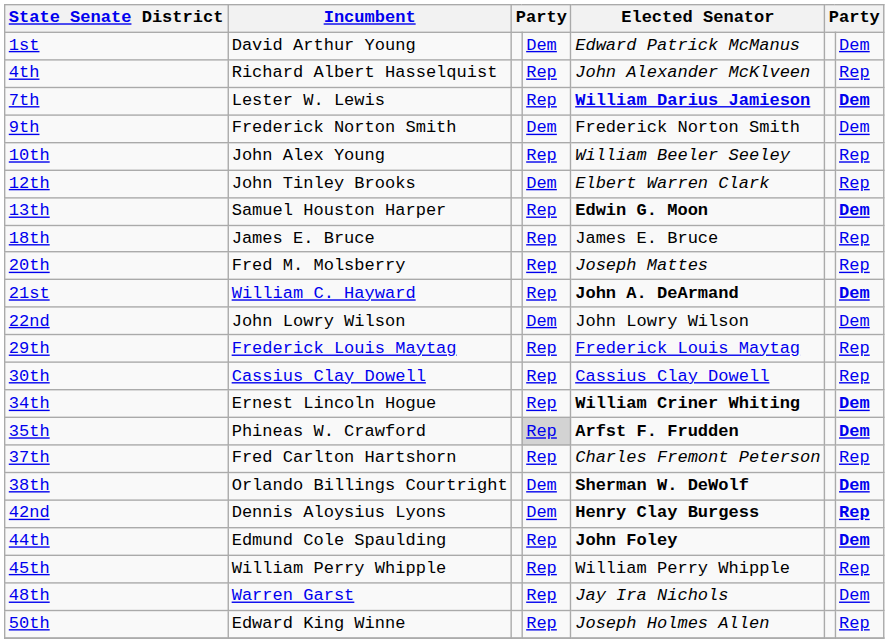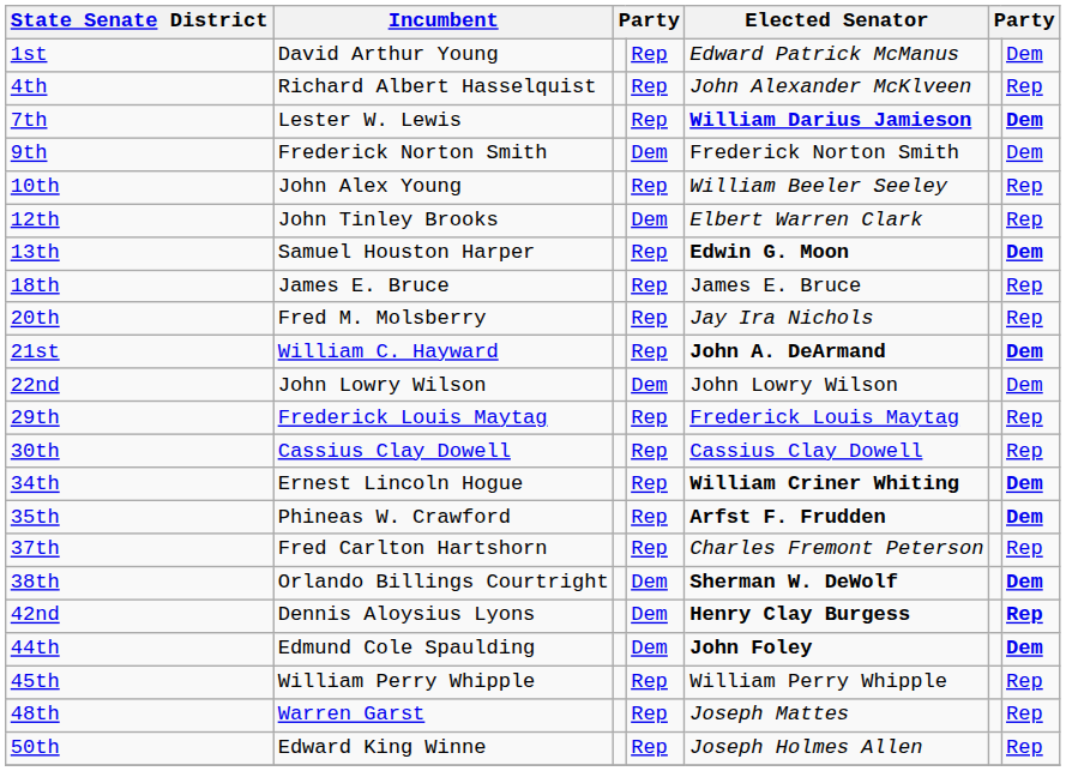 <table class="sortable wikitable" style="font-size:95%;line-height:14px;">
 <tr>
 <th class="sortable"><a href='#'>State Senate</a> District</th>
 <th class="sortable"><a href='#'>Incumbent</a></th>
 <th colspan="2">Party</th>
 <th class="sortable">Elected Senator</th>
 <th colspan="2">Party</th>
 </tr>
 <tr>
 <td><a href='#'>1st</a></td>
 <td>David Arthur Young</td>
 <td style="background:"></td>
-<td><a href='#'>Dem</a></td>
+<td><a href='#'>Rep</a></td>
 <td><em>Edward Patrick McManus</em></td>
 <td style="background:"></td>
 <td><a href='#'>Dem</a></td>
 </tr>
 <tr>
 <td><a href='#'>4th</a></td>
 <td>Richard Albert Hasselquist</td>
 <td style="background:"></td>
 <td><a href='#'>Rep</a></td>
 <td><em>John Alexander McKlveen</em></td>
 <td style="background:"></td>
 <td><a href='#'>Rep</a></td>
 </tr>
 <tr>
 <td><a href='#'>7th</a></td>
 <td>Lester W. Lewis</td>
 <td style="background:"></td>
 <td><a href='#'>Rep</a></td>
 <td><strong><a href='#'>William Darius Jamieson</a></strong></td>
 <td style="background:"></td>
 <td><strong><a href='#'>Dem</a></strong></td>
 </tr>
 <tr>
 <td><a href='#'>9th</a></td>
 <td>Frederick Norton Smith</td>
 <td style="background:"></td>
 <td><a href='#'>Dem</a></td>
 <td>Frederick Norton Smith</td>
 <td style="background:"></td>
 <td><a href='#'>Dem</a></td>
 </tr>
 <tr>
 <td><a href='#'>10th</a></td>
 <td>John Alex Young</td>
 <td style="background:"></td>
 <td><a href='#'>Rep</a></td>
 <td><em>William Beeler Seeley</em></td>
 <td style="background:"></td>
 <td><a href='#'>Rep</a></td>
 </tr>
 <tr>
 <td><a href='#'>12th</a></td>
 <td>John Tinley Brooks</td>
 <td style="background:"></td>
 <td><a href='#'>Dem</a></td>
 <td><em>Elbert Warren Clark</em></td>
 <td style="background:"></td>
 <td><a href='#'>Rep</a></td>
 </tr>
 <tr>
 <td><a href='#'>13th</a></td>
 <td>Samuel Houston Harper</td>
 <td style="background:"></td>
 <td><a href='#'>Rep</a></td>
 <td><strong>Edwin G. Moon</strong></td>
 <td style="background:"></td>
 <td><strong><a href='#'>Dem</a></strong></td>
 </tr>
 <tr>
 <td><a href='#'>18th</a></td>
 <td>James E. Bruce</td>
 <td style="background:"></td>
 <td><a href='#'>Rep</a></td>
 <td>James E. Bruce</td>
 <td style="background:"></td>
 <td><a href='#'>Rep</a></td>
 </tr>
 <tr>
 <td><a href='#'>20th</a></td>
 <td>Fred M. Molsberry</td>
 <td style="background:"></td>
 <td><a href='#'>Rep</a></td>
-<td><em>Joseph Mattes</em></td>
+<td><em>Jay Ira Nichols</em></td>
 <td style="background:"></td>
 <td><a href='#'>Rep</a></td>
 </tr>
 <tr>
 <td><a href='#'>21st</a></td>
 <td><a href='#'>William C. Hayward</a></td>
 <td style="background:"></td>
 <td><a href='#'>Rep</a></td>
 <td><strong>John A. DeArmand</strong></td>
 <td style="background:"></td>
 <td><strong><a href='#'>Dem</a></strong></td>
 </tr>
 <tr>
 <td><a href='#'>22nd</a></td>
 <td>John Lowry Wilson</td>
 <td style="background:"></td>
 <td><a href='#'>Dem</a></td>
 <td>John Lowry Wilson</td>
 <td style="background:"></td>
 <td><a href='#'>Dem</a></td>
 </tr>
 <tr>
 <td><a href='#'>29th</a></td>
 <td><a href='#'>Frederick Louis Maytag</a></td>
 <td style="background:"></td>
 <td><a href='#'>Rep</a></td>
 <td><a href='#'>Frederick Louis Maytag</a></td>
 <td style="background:"></td>
 <td><a href='#'>Rep</a></td>
 </tr>
 <tr>
 <td><a href='#'>30th</a></td>
 <td><a href='#'>Cassius Clay Dowell</a></td>
 <td style="background:"></td>
 <td><a href='#'>Rep</a></td>
 <td><a href='#'>Cassius Clay Dowell</a></td>
 <td style="background:"></td>
 <td><a href='#'>Rep</a></td>
 </tr>
 <tr>
 <td><a href='#'>34th</a></td>
 <td>Ernest Lincoln Hogue</td>
 <td style="background:"></td>
 <td><a href='#'>Rep</a></td>
 <td><strong>William Criner Whiting</strong></td>
 <td style="background:"></td>
 <td><strong><a href='#'>Dem</a></strong></td>
 </tr>
 <tr>
 <td><a href='#'>35th</a></td>
 <td>Phineas W. Crawford</td>
 <td style="background:"></td>
-<td style="background: lightgrey;"><a href='#'>Rep</a></td>
+<td><a href='#'>Rep</a></td>
 <td><strong>Arfst F. Frudden</strong></td>
 <td style="background:"></td>
 <td><strong><a href='#'>Dem</a></strong></td>
 </tr>
 <tr>
 <td><a href='#'>37th</a></td>
 <td>Fred Carlton Hartshorn</td>
 <td style="background:"></td>
 <td><a href='#'>Rep</a></td>
 <td><em>Charles Fremont Peterson</em></td>
 <td style="background:"></td>
 <td><a href='#'>Rep</a></td>
 </tr>
 <tr>
 <td><a href='#'>38th</a></td>
 <td>Orlando Billings Courtright</td>
 <td style="background:"></td>
 <td><a href='#'>Dem</a></td>
 <td><strong>Sherman W. DeWolf</strong></td>
 <td style="background:"></td>
 <td><strong><a href='#'>Dem</a></strong></td>
 </tr>
 <tr>
 <td><a href='#'>42nd</a></td>
 <td>Dennis Aloysius Lyons</td>
 <td style="background:"></td>
 <td><a href='#'>Dem</a></td>
 <td><strong>Henry Clay Burgess</strong></td>
 <td style="background:"></td>
 <td><strong><a href='#'>Rep</a></strong></td>
 </tr>
 <tr>
 <td><a href='#'>44th</a></td>
 <td>Edmund Cole Spaulding</td>
 <td style="background:"></td>
-<td><a href='#'>Rep</a></td>
+<td><a href='#'>Dem</a></td>
 <td><strong>John Foley</strong></td>
 <td style="background:"></td>
 <td><strong><a href='#'>Dem</a></strong></td>
 </tr>
 <tr>
 <td><a href='#'>45th</a></td>
 <td>William Perry Whipple</td>
 <td style="background:"></td>
 <td><a href='#'>Rep</a></td>
 <td>William Perry Whipple</td>
 <td style="background:"></td>
 <td><a href='#'>Rep</a></td>
 </tr>
 <tr>
 <td><a href='#'>48th</a></td>
 <td><a href='#'>Warren Garst</a></td>
 <td style="background:"></td>
 <td><a href='#'>Rep</a></td>
-<td><em>Jay Ira Nichols</em></td>
+<td><em>Joseph Mattes</em></td>
 <td style="background:"></td>
-<td><a href='#'>Dem</a></td>
+<td><a href='#'>Rep</a></td>
 </tr>
 <tr>
 <td><a href='#'>50th</a></td>
 <td>Edward King Winne</td>
 <td style="background:"></td>
 <td><a href='#'>Rep</a></td>
 <td><em>Joseph Holmes Allen</em></td>
 <td style="background:"></td>
 <td><a href='#'>Rep</a></td>
 </tr>
 <tr>
 </tr>
 </table>
